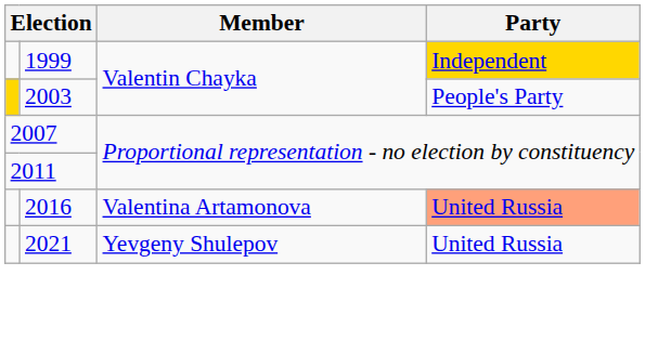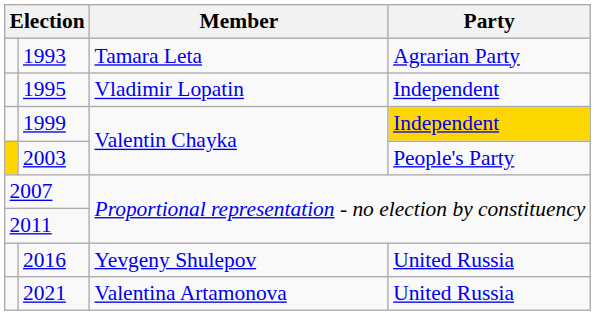 <table class="wikitable">
 <tr>
 <th colspan="2">Election</th>
 <th>Member</th>
 <th>Party</th>
+</tr>
+<tr>
+<td style="background-color:"></td>
+<td><a href='#'>1993</a></td>
+<td><a href='#'>Tamara Leta</a></td>
+<td><a href='#'>Agrarian Party</a></td>
+</tr>
+<tr>
+<td style="background-color:"></td>
+<td><a href='#'>1995</a></td>
+<td><a href='#'>Vladimir Lopatin</a></td>
+<td><a href='#'>Independent</a></td>
 </tr>
 <tr>
 <td style="background-color:"></td>
 <td><a href='#'>1999</a></td>
 <td rowspan=2><a href='#'>Valentin Chayka</a></td>
 <td style="background: gold;"><a href='#'>Independent</a></td>
 </tr>
 <tr>
 <td style="background-color:#FFD700"></td>
 <td><a href='#'>2003</a></td>
 <td><a href='#'>People's Party</a></td>
 </tr>
 <tr>
 <td colspan=2><a href='#'>2007</a></td>
 <td colspan=2 rowspan=2><em><a href='#'>Proportional representation</a> - no election by constituency</em></td>
 </tr>
 <tr>
 <td colspan=2><a href='#'>2011</a></td>
 </tr>
 <tr>
 <td style="background-color: "></td>
 <td><a href='#'>2016</a></td>
-<td><a href='#'>Valentina Artamonova</a></td>
-<td style="background: lightsalmon;"><a href='#'>United Russia</a></td>
+<td><a href='#'>Yevgeny Shulepov</a></td>
+<td><a href='#'>United Russia</a></td>
 </tr>
 <tr>
 <td style="background-color: "></td>
 <td><a href='#'>2021</a></td>
-<td><a href='#'>Yevgeny Shulepov</a></td>
+<td><a href='#'>Valentina Artamonova</a></td>
 <td><a href='#'>United Russia</a></td>
 </tr>
 </table>
